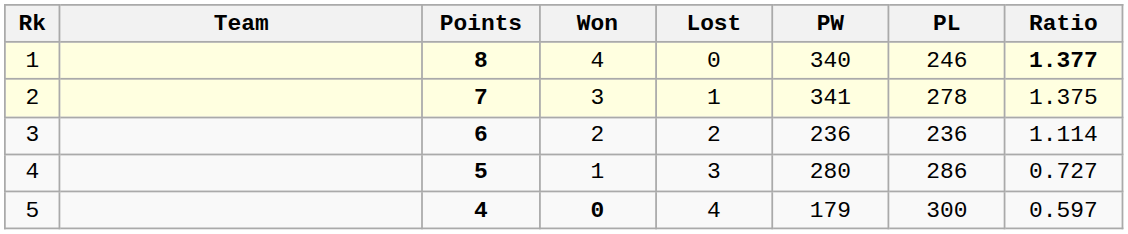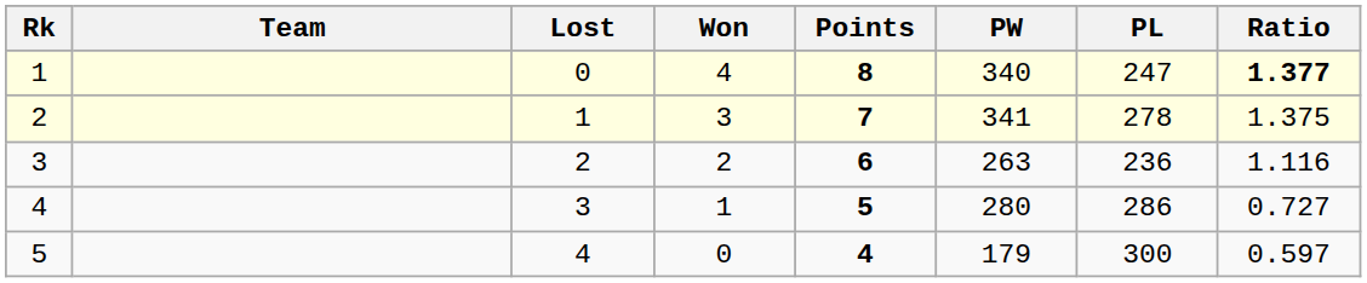 <table class=wikitable style="text-align:center">
 <tr bgcolor="#DCDCDC">
 <th width="25">Rk</th>
 <th width="200">Team</th>
+<th width="60">Lost</th>
+<th width="60">Won</th>
 <th width="60">Points</th>
-<th width="60">Won</th>
-<th width="60">Lost</th>
 <th width="60">PW</th>
 <th width="60">PL</th>
 <th width="60">Ratio</th>
 </tr>
 <tr bgcolor=lightyellow>
 <td>1</td>
 <td align=left></td>
+<td>0</td>
+<td>4</td>
 <td><strong>8</strong></td>
-<td>4</td>
-<td>0</td>
 <td>340</td>
-<td>246</td>
+<td>247</td>
 <td><strong>1.377</strong></td>
 </tr>
 <tr bgcolor=lightyellow>
 <td>2</td>
 <td align=left></td>
+<td>1</td>
+<td>3</td>
 <td><strong>7</strong></td>
-<td>3</td>
-<td>1</td>
 <td>341</td>
 <td>278</td>
 <td>1.375</td>
 </tr>
 <tr>
 <td>3</td>
 <td align=left></td>
-<td><strong>6</strong></td>
 <td>2</td>
 <td>2</td>
+<td><strong>6</strong></td>
+<td>263</td>
 <td>236</td>
-<td>236</td>
-<td>1.114</td>
+<td>1.116</td>
 </tr>
 <tr>
 <td>4</td>
 <td align=left></td>
+<td>3</td>
+<td>1</td>
 <td><strong>5</strong></td>
-<td>1</td>
-<td>3</td>
 <td>280</td>
 <td>286</td>
 <td>0.727</td>
 </tr>
 <tr>
 <td>5</td>
 <td align=left></td>
+<td>4</td>
+<td>0</td>
 <td><strong>4</strong></td>
-<td><strong>0</strong></td>
-<td>4</td>
 <td>179</td>
 <td>300</td>
 <td>0.597</td>
 </tr>
 </table>
